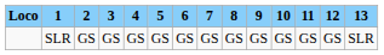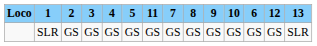 <table class="wikitable plainrowheaders unsortable" style="text-align:center">
 <tr>
 <th scope="col" rowspan="1"  style="background:lightskyblue;">Loco</th>
 <th scope="col" rowspan="1" style="background:lightskyblue;">1</th>
 <th scope="col" rowspan="1" style="background:lightskyblue;">2</th>
 <th scope="col" rowspan="1" style="background:lightskyblue;">3</th>
 <th scope="col" rowspan="1" style="background:lightskyblue;">4</th>
 <th scope="col" rowspan="1" style="background:lightskyblue;">5</th>
-<th scope="col" rowspan="1" style="background:lightskyblue;">6</th>
+<th scope="col" rowspan="1" style="background:lightskyblue;">11</th>
 <th scope="col" rowspan="1" style="background:lightskyblue;">7</th>
 <th scope="col" rowspan="1" style="background:lightskyblue;">8</th>
 <th scope="col" rowspan="1" style="background:lightskyblue;">9</th>
 <th scope="col" rowspan="1" style="background:lightskyblue;">10</th>
-<th scope="col" rowspan="1" style="background:lightskyblue;">11</th>
+<th scope="col" rowspan="1" style="background:lightskyblue;">6</th>
 <th scope="col" rowspan="1" style="background:lightskyblue;">12</th>
 <th scope="col" rowspan="1" style="background:lightskyblue;">13</th>
 </tr>
 <tr>
 <td></td>
 <td>SLR</td>
 <td>GS</td>
 <td>GS</td>
 <td>GS</td>
 <td>GS</td>
 <td>GS</td>
 <td>GS</td>
 <td>GS</td>
 <td>GS</td>
 <td>GS</td>
 <td>GS</td>
 <td>GS</td>
 <td>SLR</td>
 </tr>
 </table>
